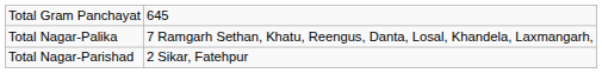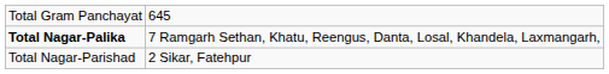 <table class="wikitable">
 <tr>
 <td>Total Gram Panchayat</td>
 <td>645 </td>
 </tr>
 <tr>
-<td>Total Nagar-Palika</td>
+<td><strong>Total Nagar-Palika</strong></td>
 <td>7 Ramgarh Sethan, Khatu, Reengus, Danta, Losal, Khandela, Laxmangarh,</td>
 </tr>
 <tr>
 <td>Total Nagar-Parishad</td>
 <td>2 Sikar, Fatehpur</td>
 </tr>
 </table>
